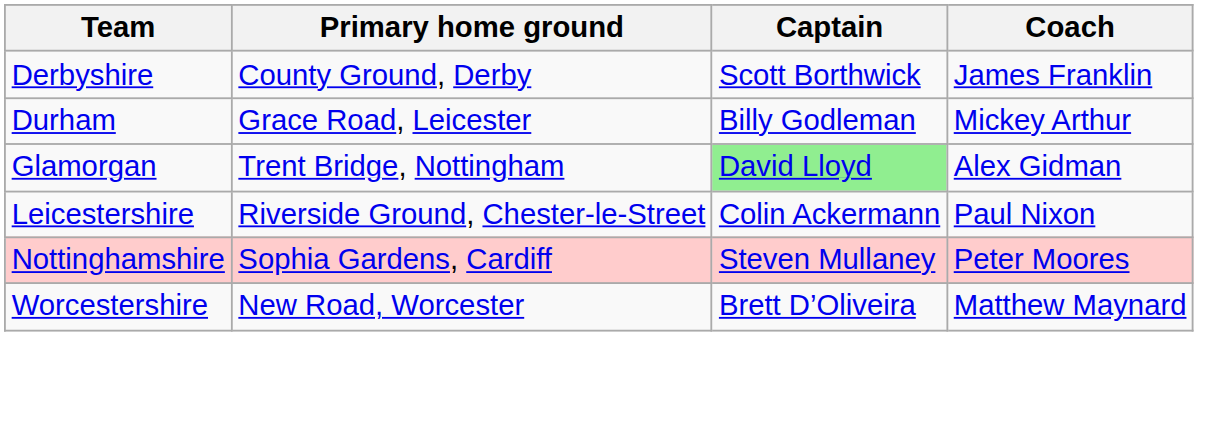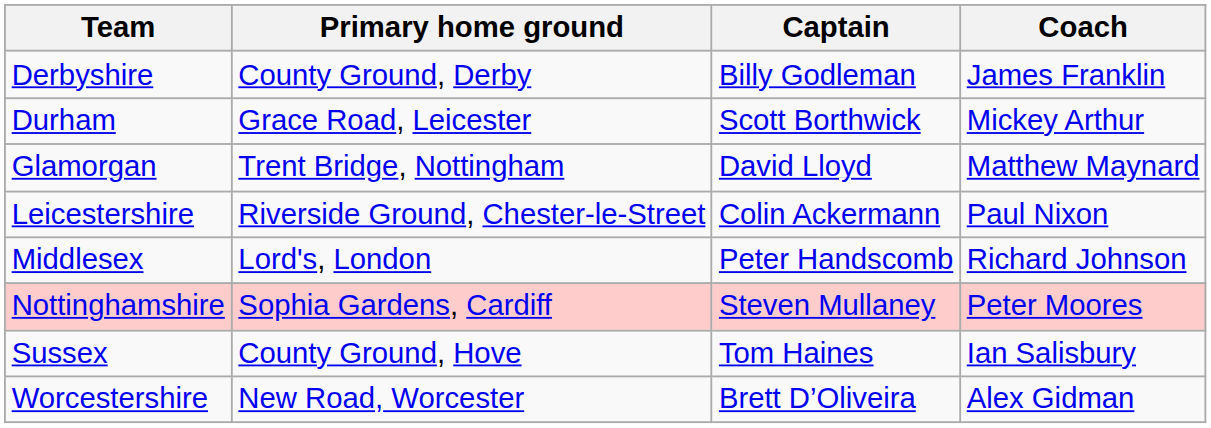 <table class="wikitable sortable">
 <tr>
 <th>Team</th>
 <th>Primary home ground</th>
 <th>Captain</th>
 <th>Coach</th>
 </tr>
 <tr>
 <td><a href='#'>Derbyshire</a></td>
 <td><a href='#'>County Ground</a>, <a href='#'>Derby</a></td>
-<td> <a href='#'>Scott Borthwick</a></td>
+<td> <a href='#'>Billy Godleman</a></td>
 <td> <a href='#'>James Franklin</a></td>
 </tr>
 <tr>
 <td><a href='#'>Durham</a></td>
 <td><a href='#'>Grace Road</a>, <a href='#'>Leicester</a></td>
-<td> <a href='#'>Billy Godleman</a></td>
+<td> <a href='#'>Scott Borthwick</a></td>
 <td> <a href='#'>Mickey Arthur</a></td>
 </tr>
 <tr>
 <td><a href='#'>Glamorgan</a></td>
 <td><a href='#'>Trent Bridge</a>, <a href='#'>Nottingham</a></td>
-<td style="background: lightgreen;"> <a href='#'>David Lloyd</a></td>
-<td> <a href='#'>Alex Gidman</a></td>
+<td> <a href='#'>David Lloyd</a></td>
+<td> <a href='#'>Matthew Maynard</a></td>
 </tr>
 <tr>
 <td><a href='#'>Leicestershire</a></td>
 <td><a href='#'>Riverside Ground</a>, <a href='#'>Chester-le-Street</a></td>
 <td> <a href='#'>Colin Ackermann</a></td>
 <td> <a href='#'>Paul Nixon</a></td>
+</tr>
+<tr>
+<td><a href='#'>Middlesex</a></td>
+<td><a href='#'>Lord's</a>, <a href='#'>London</a></td>
+<td> <a href='#'>Peter Handscomb</a></td>
+<td> <a href='#'>Richard Johnson</a></td>
 </tr>
 <tr style="background-color:#ffcccc">
 <td><a href='#'>Nottinghamshire</a></td>
 <td><a href='#'>Sophia Gardens</a>, <a href='#'>Cardiff</a></td>
 <td> <a href='#'>Steven Mullaney</a></td>
 <td> <a href='#'>Peter Moores</a></td>
 </tr>
 <tr>
+<td><a href='#'>Sussex</a></td>
+<td><a href='#'>County Ground</a>, <a href='#'>Hove</a></td>
+<td> <a href='#'>Tom Haines</a></td>
+<td> <a href='#'>Ian Salisbury</a></td>
+</tr>
+<tr>
 <td><a href='#'>Worcestershire</a></td>
 <td><a href='#'>New Road, Worcester</a></td>
 <td> <a href='#'>Brett D’Oliveira</a></td>
-<td> <a href='#'>Matthew Maynard</a></td>
+<td> <a href='#'>Alex Gidman</a></td>
 </tr>
 </table>
